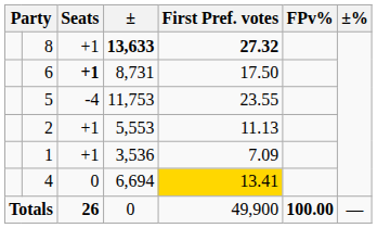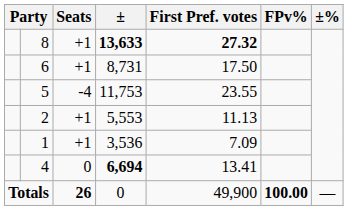 <table class=wikitable>
 <tr>
 <th colspan=2 align=center>Party</th>
 <th valign=top>Seats</th>
 <th valign=top>±</th>
 <th valign=top>First Pref. votes</th>
 <th valign=top>FPv%</th>
 <th valign=top>±%</th>
 </tr>
 <tr>
 <td></td>
 <td align=right>8</td>
 <td align=right>+1</td>
 <td align=right><strong>13,633</strong></td>
 <td align=right><strong>27.32</strong></td>
 <td align=right></td>
 </tr>
 <tr>
 <td></td>
 <td align=right>6</td>
-<td align=right><strong>+1</strong></td>
+<td align=right>+1</td>
 <td align=right>8,731</td>
 <td align=right>17.50</td>
 <td align=right></td>
 </tr>
 <tr>
 <td></td>
 <td align=right>5</td>
 <td align=right>-4</td>
 <td align=right>11,753</td>
 <td align=right>23.55</td>
 <td align=right></td>
 </tr>
 <tr>
 <td></td>
 <td align=right>2</td>
 <td align=right>+1</td>
 <td align=right>5,553</td>
 <td align=right>11.13</td>
 <td align=right></td>
 </tr>
 <tr>
 <td></td>
 <td align=right>1</td>
 <td align=right>+1</td>
 <td align=right>3,536</td>
 <td align=right>7.09</td>
 <td align=right></td>
 </tr>
 <tr>
 <td></td>
 <td align=right>4</td>
 <td align=right>0</td>
-<td align=right>6,694</td>
-<td align=right style="background: gold;">13.41</td>
+<td align=right><strong>6,694</strong></td>
+<td align=right>13.41</td>
 <td align=right></td>
 </tr>
 <tr>
 <td colspan=2 align=center><strong>Totals</strong></td>
 <td align=right><strong>26</strong></td>
 <td align=center>0</td>
 <td align=right>49,900</td>
 <td align=center><strong>100.00</strong></td>
 <td align=center>—</td>
 </tr>
 </table>
